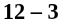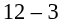 <table style="text-align:center">
 <tr>
 <th width=200></th>
 <th width=100></th>
 <th width=200></th>
 </tr>
 <tr>
 <td align=right><strong></strong></td>
-<td><strong>12 – 3</strong></td>
+<td>12 – 3</td>
 <td align=left></td>
 </tr>
 </table>
